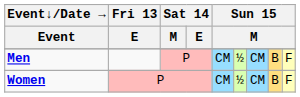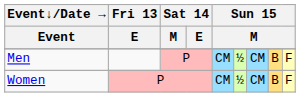 <table class="wikitable" style="margin:0.5em auto; font-size:90%; line-height:1.25em;">
 <tr style="text-align:center;">
 <th>Event↓/Date →</th>
 <th>Fri 13</th>
 <th colspan=2>Sat 14</th>
 <th colspan=7>Sun 15</th>
 </tr>
 <tr>
 <th>Event</th>
 <th>E</th>
 <th>M</th>
 <th>E</th>
 <th colspan="5">M</th>
 </tr>
 <tr>
 </tr>
 <tr style="text-align:center;">
-<td style="text-align:left;"><strong><a href='#'>Men</a></strong></td>
+<td style="text-align:left;"><a href='#'>Men</a></td>
 <td></td>
 <td style="background-color:#FFBBBB;" colspan=2>P</td>
 <td style="background-color:#97DEFF;">CM</td>
 <td style="background-color:#D9FFB2;">½</td>
 <td style="background-color:#97DEFF;">CM</td>
 <td style="background-color:#FFDF80;">B</td>
 <td style="background-color:#FFFFBB;">F</td>
 </tr>
 <tr style="text-align:center;">
 </tr>
 <tr style="text-align:center;">
-<td style="text-align:left;"><strong><a href='#'>Women</a></strong></td>
+<td style="text-align:left;"><a href='#'>Women</a></td>
 <td style="background-color:#FFBBBB;" colspan=3>P</td>
 <td style="background-color:#97DEFF;">CM</td>
 <td style="background-color:#D9FFB2;">½</td>
 <td style="background-color:#97DEFF;">CM</td>
 <td style="background-color:#FFDF80;">B</td>
 <td style="background-color:#FFFFBB;">F</td>
 </tr>
 </table>
